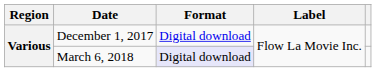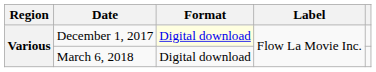 <table class="wikitable plainrowheaders">
 <tr>
 <th scope="col">Region</th>
 <th scope="col">Date</th>
 <th scope="col">Format</th>
 <th scope="col">Label</th>
 <th scope="col"></th>
 </tr>
 <tr>
 <th scope="row" rowspan="2">Various</th>
 <td>December 1, 2017</td>
-<td><a href='#'>Digital download</a></td>
+<td style="background: lightyellow;"><a href='#'>Digital download</a></td>
 <td rowspan="2">Flow La Movie Inc.</td>
 <td></td>
 </tr>
 <tr>
 <td>March 6, 2018</td>
-<td style="background: lavender;">Digital download </td>
+<td>Digital download </td>
 <td></td>
 </tr>
 </table>
